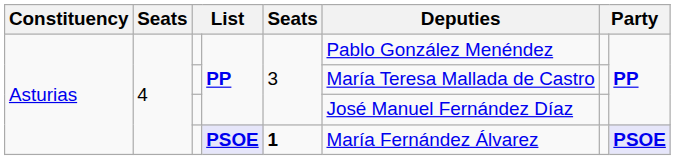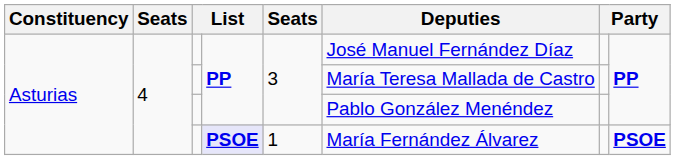 <table class="wikitable sortable">
 <tr>
 <th>Constituency</th>
 <th>Seats</th>
 <th colspan="2">List</th>
 <th>Seats</th>
 <th>Deputies</th>
 <th colspan="2">Party</th>
 </tr>
 <tr>
 <td rowspan="4"><a href='#'>Asturias</a></td>
 <td rowspan="4">4</td>
 <td></td>
 <td rowspan="3"><strong><a href='#'>PP</a></strong></td>
 <td rowspan="3">3</td>
-<td><a href='#'>Pablo González Menéndez</a></td>
+<td><a href='#'>José Manuel Fernández Díaz</a></td>
 <td></td>
 <td rowspan="3"><strong><a href='#'>PP</a></strong></td>
 </tr>
 <tr>
 <td></td>
 <td><a href='#'>María Teresa Mallada de Castro</a></td>
 <td></td>
 </tr>
 <tr>
 <td></td>
-<td><a href='#'>José Manuel Fernández Díaz</a></td>
+<td><a href='#'>Pablo González Menéndez</a></td>
 <td></td>
 </tr>
 <tr>
 <td width="1"></td>
 <td style="background: lavender;"><strong><a href='#'>PSOE</a></strong></td>
-<td><strong>1</strong></td>
+<td>1</td>
 <td><a href='#'>María Fernández Álvarez</a></td>
 <td width="1"></td>
-<td style="background: lavender;"><strong><a href='#'>PSOE</a></strong></td>
+<td><strong><a href='#'>PSOE</a></strong></td>
 </tr>
 </table>
